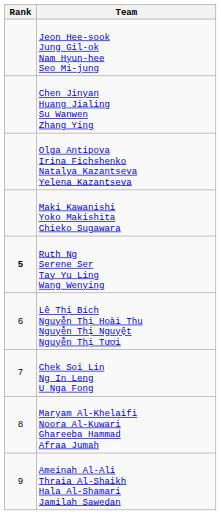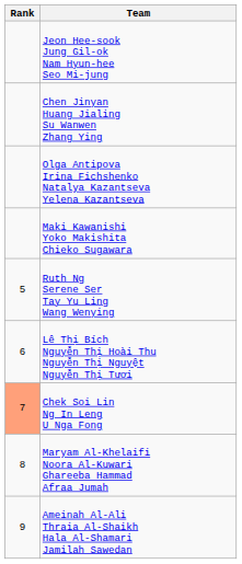 <table class="wikitable" style="text-align: center;">
 <tr>
 <th width=40>Rank</th>
 <th width=250>Team</th>
 </tr>
 <tr>
 <td></td>
 <td align=left><br><a href='#'>Jeon Hee-sook</a><br><a href='#'>Jung Gil-ok</a><br><a href='#'>Nam Hyun-hee</a><br><a href='#'>Seo Mi-jung</a></td>
 </tr>
 <tr>
 <td></td>
 <td align=left><br><a href='#'>Chen Jinyan</a><br><a href='#'>Huang Jialing</a><br><a href='#'>Su Wanwen</a><br><a href='#'>Zhang Ying</a></td>
 </tr>
 <tr>
 <td></td>
 <td align=left><br><a href='#'>Olga Antipova</a><br><a href='#'>Irina Fichshenko</a><br><a href='#'>Natalya Kazantseva</a><br> <a href='#'>Yelena Kazantseva</a></td>
 </tr>
 <tr>
 <td></td>
 <td align=left><br><a href='#'>Maki Kawanishi</a><br><a href='#'>Yoko Makishita</a><br><a href='#'>Chieko Sugawara</a></td>
 </tr>
 <tr>
-<td><strong>5</strong></td>
+<td>5</td>
 <td align=left><br><a href='#'>Ruth Ng</a><br><a href='#'>Serene Ser</a><br><a href='#'>Tay Yu Ling</a><br><a href='#'>Wang Wenying</a></td>
 </tr>
 <tr>
 <td>6</td>
 <td align=left><br><a href='#'>Lê Thị Bích</a><br><a href='#'>Nguyễn Thị Hoài Thu</a><br><a href='#'>Nguyễn Thị Nguyệt</a><br><a href='#'>Nguyễn Thị Tươi</a></td>
 </tr>
 <tr>
-<td>7</td>
+<td style="background: lightsalmon;">7</td>
 <td align=left><br><a href='#'>Chek Soi Lin</a><br><a href='#'>Ng In Leng</a><br><a href='#'>U Nga Fong</a></td>
 </tr>
 <tr>
 <td>8</td>
 <td align=left><br><a href='#'>Maryam Al-Khelaifi</a><br><a href='#'>Noora Al-Kuwari</a><br><a href='#'>Ghareeba Hammad</a><br><a href='#'>Afraa Jumah</a></td>
 </tr>
 <tr>
 <td>9</td>
 <td align=left><br><a href='#'>Ameinah Al-Ali</a><br><a href='#'>Thraia Al-Shaikh</a><br><a href='#'>Hala Al-Shamari</a><br><a href='#'>Jamilah Sawedan</a></td>
 </tr>
 </table>
